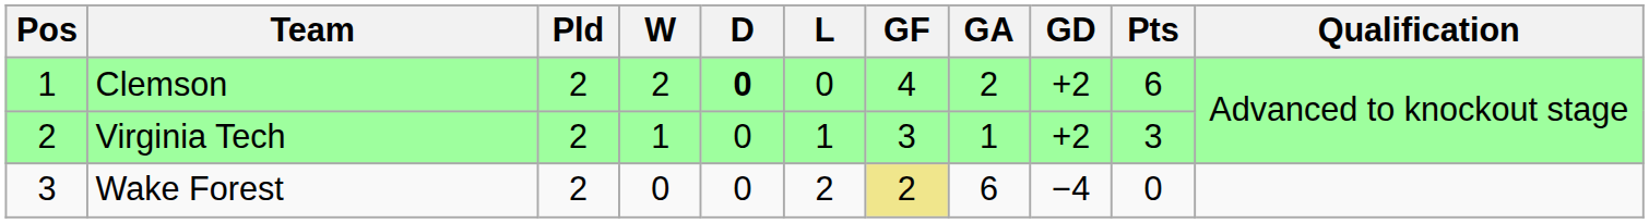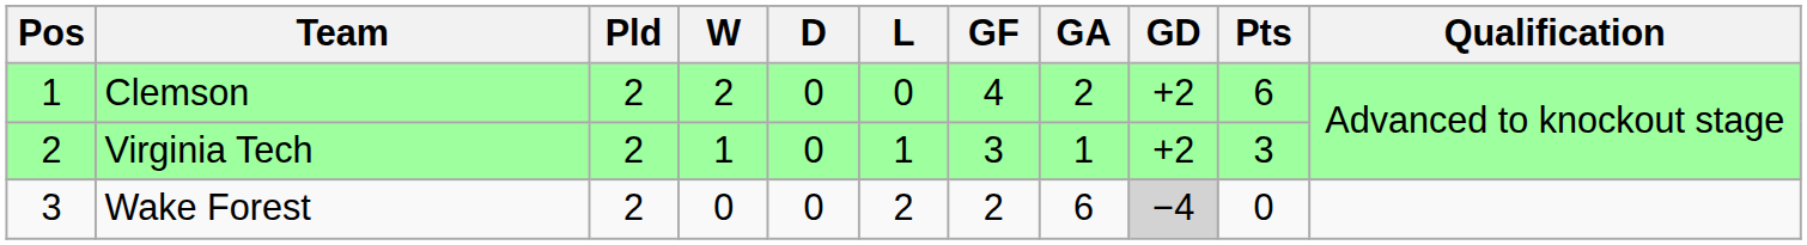 <table class="wikitable" style="text-align:center; margin: 1em auto">
 <tr>
 <th style="width:2em">Pos</th>
 <th style="width:13em">Team</th>
 <th style="width:2em">Pld</th>
 <th style="width:2em">W</th>
 <th style="width:2em">D</th>
 <th style="width:2em">L</th>
 <th style="width:2em">GF</th>
 <th style="width:2em">GA</th>
 <th style="width:2em">GD</th>
 <th style="width:2em">Pts</th>
 <th style="width:13em">Qualification</th>
 </tr>
 <tr bgcolor="#9eff9e">
 <td>1</td>
 <td style="text-align:left">Clemson</td>
 <td>2</td>
 <td>2</td>
-<td><strong>0</strong></td>
+<td>0</td>
 <td>0</td>
 <td>4</td>
 <td>2</td>
 <td>+2</td>
 <td>6</td>
 <td rowspan="2">Advanced to knockout stage</td>
 </tr>
 <tr bgcolor="#9eff9e">
 <td>2</td>
 <td style="text-align:left">Virginia Tech</td>
 <td>2</td>
 <td>1</td>
 <td>0</td>
 <td>1</td>
 <td>3</td>
 <td>1</td>
 <td>+2</td>
 <td>3</td>
 </tr>
 <tr>
 <td>3</td>
 <td style="text-align:left">Wake Forest</td>
 <td>2</td>
 <td>0</td>
 <td>0</td>
 <td>2</td>
-<td style="background: khaki;">2</td>
+<td>2</td>
 <td>6</td>
-<td>−4</td>
+<td style="background: lightgrey;">−4</td>
 <td>0</td>
 <td></td>
 </tr>
 </table>
